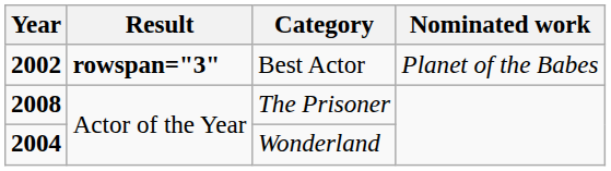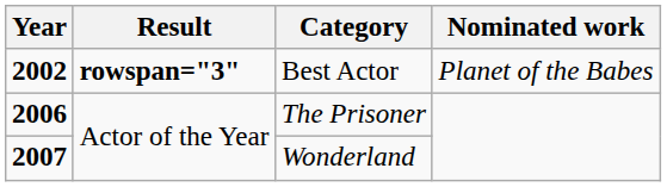 <table class="wikitable">
 <tr>
 <th>Year</th>
 <th>Result</th>
 <th>Category</th>
 <th>Nominated work</th>
 </tr>
 <tr>
 <td><strong>2002</strong></td>
 <td><strong>rowspan="3" </strong></td>
 <td>Best Actor</td>
 <td><em>Planet of the Babes</em></td>
 </tr>
 <tr>
-<td><strong>2008</strong></td>
+<td><strong>2006</strong></td>
 <td rowspan="2">Actor of the Year</td>
 <td><em>The Prisoner</em></td>
 </tr>
 <tr>
-<td><strong>2004</strong></td>
+<td><strong>2007</strong></td>
 <td><em>Wonderland</em></td>
 </tr>
 </table>
